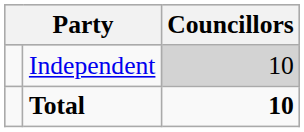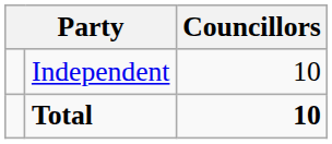 <table class="wikitable">
 <tr>
 <th colspan="2">Party</th>
 <th>Councillors</th>
 </tr>
 <tr>
 <td> </td>
 <td><a href='#'>Independent</a></td>
-<td align=right style="background: lightgrey;">10</td>
+<td align=right>10</td>
 </tr>
 <tr>
 <td></td>
 <td><strong>Total</strong></td>
 <td align=right><strong>10</strong></td>
 </tr>
 </table>
